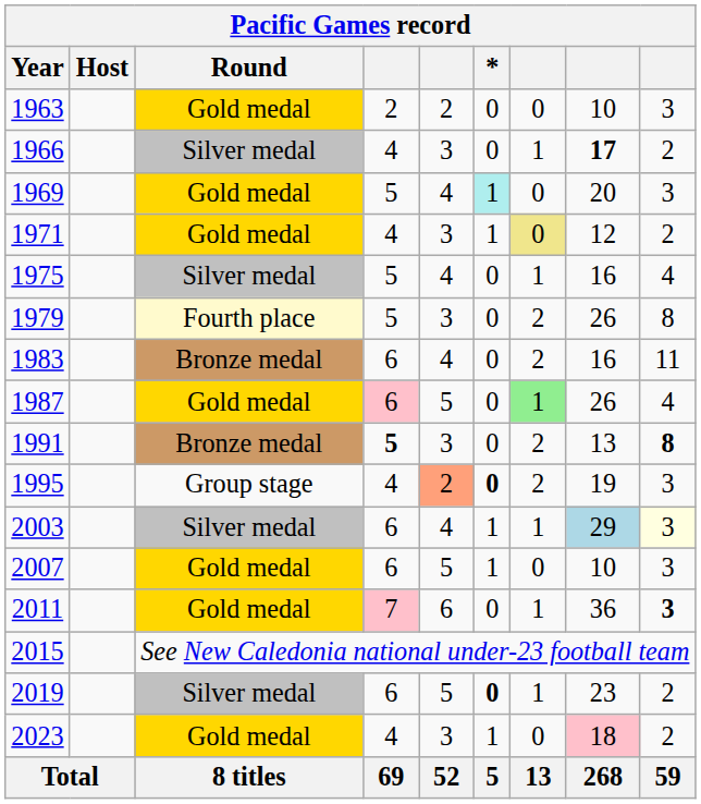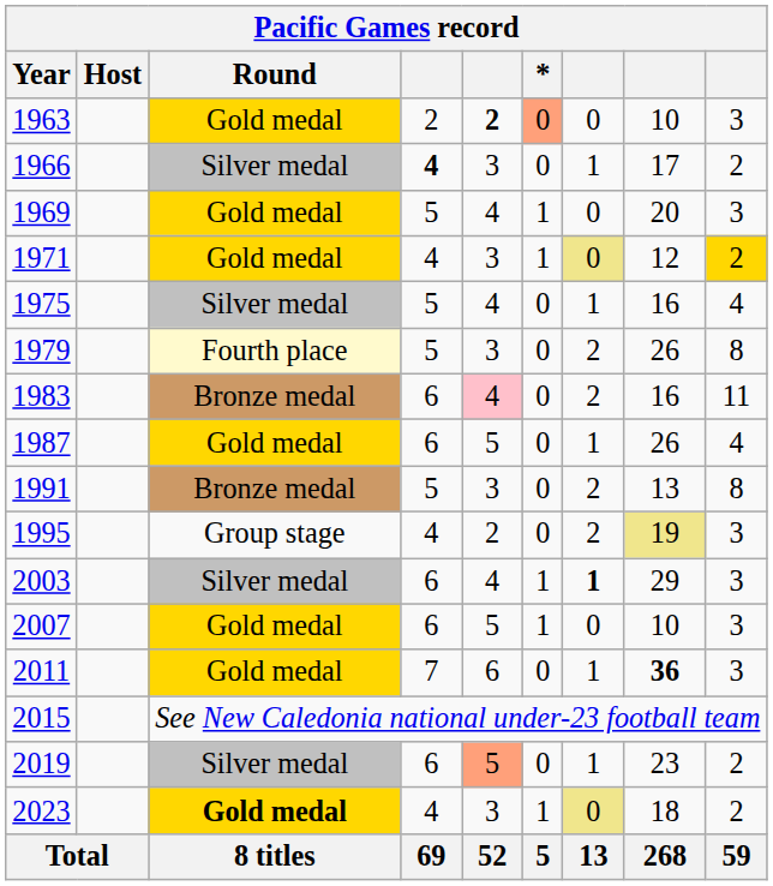 <table class="wikitable" style="text-align: center;font-size:100%;">
 <tr>
 <th colspan=9><a href='#'>Pacific Games</a> record</th>
 </tr>
 <tr>
 <th>Year</th>
 <th>Host</th>
 <th>Round</th>
 <th></th>
 <th></th>
 <th>*</th>
 <th></th>
 <th></th>
 <th></th>
 </tr>
 <tr>
 <td><a href='#'>1963</a></td>
 <td align="left"></td>
 <td style="background:gold;">Gold medal</td>
 <td>2</td>
-<td>2</td>
-<td>0</td>
+<td><strong>2</strong></td>
+<td style="background: lightsalmon;">0</td>
 <td>0</td>
 <td>10</td>
 <td>3</td>
 </tr>
 <tr>
 <td><a href='#'>1966</a></td>
 <td align="left"></td>
 <td style="background:silver;">Silver medal</td>
-<td>4</td>
+<td><strong>4</strong></td>
 <td>3</td>
 <td>0</td>
 <td>1</td>
-<td><strong>17</strong></td>
+<td>17</td>
 <td>2</td>
 </tr>
 <tr>
 <td><a href='#'>1969</a></td>
 <td align="left"></td>
 <td style="background:gold;">Gold medal</td>
 <td>5</td>
 <td>4</td>
-<td style="background: paleturquoise;">1</td>
+<td>1</td>
 <td>0</td>
 <td>20</td>
 <td>3</td>
 </tr>
 <tr>
 <td><a href='#'>1971</a></td>
 <td align="left"></td>
 <td style="background:gold;">Gold medal</td>
 <td>4</td>
 <td>3</td>
 <td>1</td>
 <td style="background: khaki;">0</td>
 <td>12</td>
-<td>2</td>
+<td style="background: gold;">2</td>
 </tr>
 <tr>
 <td><a href='#'>1975</a></td>
 <td align="left"></td>
 <td style="background:silver;">Silver medal</td>
 <td>5</td>
 <td>4</td>
 <td>0</td>
 <td>1</td>
 <td>16</td>
 <td>4</td>
 </tr>
 <tr>
 <td><a href='#'>1979</a></td>
 <td align="left"></td>
 <td style="background:LemonChiffon;">Fourth place</td>
 <td>5</td>
 <td>3</td>
 <td>0</td>
 <td>2</td>
 <td>26</td>
 <td>8</td>
 </tr>
 <tr>
 <td><a href='#'>1983</a></td>
 <td align="left"></td>
 <td style="background:#c96;">Bronze medal</td>
 <td>6</td>
-<td>4</td>
+<td style="background: pink;">4</td>
 <td>0</td>
 <td>2</td>
 <td>16</td>
 <td>11</td>
 </tr>
 <tr>
 <td><a href='#'>1987</a></td>
 <td align="left"></td>
 <td style="background:gold;">Gold medal</td>
-<td style="background: pink;">6</td>
+<td>6</td>
 <td>5</td>
 <td>0</td>
-<td style="background: lightgreen;">1</td>
+<td>1</td>
 <td>26</td>
 <td>4</td>
 </tr>
 <tr>
 <td><a href='#'>1991</a></td>
 <td align="left"></td>
 <td style="background:#c96;">Bronze medal</td>
-<td><strong>5</strong></td>
+<td>5</td>
 <td>3</td>
 <td>0</td>
 <td>2</td>
 <td>13</td>
-<td><strong>8</strong></td>
+<td>8</td>
 </tr>
 <tr>
 <td><a href='#'>1995</a></td>
 <td align="left"></td>
 <td>Group stage</td>
 <td>4</td>
-<td style="background: lightsalmon;">2</td>
-<td><strong>0</strong></td>
 <td>2</td>
-<td>19</td>
+<td>0</td>
+<td>2</td>
+<td style="background: khaki;">19</td>
 <td>3</td>
 </tr>
 <tr>
 <td><a href='#'>2003</a></td>
 <td align="left"></td>
 <td style="background:silver;">Silver medal</td>
 <td>6</td>
 <td>4</td>
 <td>1</td>
-<td>1</td>
-<td style="background: lightblue;">29</td>
-<td style="background: lightyellow;">3</td>
+<td><strong>1</strong></td>
+<td>29</td>
+<td>3</td>
 </tr>
 <tr>
 <td><a href='#'>2007</a></td>
 <td align="left"></td>
 <td style="background:gold;">Gold medal</td>
 <td>6</td>
 <td>5</td>
 <td>1</td>
 <td>0</td>
 <td>10</td>
 <td>3</td>
 </tr>
 <tr>
 <td><a href='#'>2011</a></td>
 <td align="left"></td>
 <td style="background:gold;">Gold medal</td>
-<td style="background: pink;">7</td>
+<td>7</td>
 <td>6</td>
 <td>0</td>
 <td>1</td>
-<td>36</td>
-<td><strong>3</strong></td>
+<td><strong>36</strong></td>
+<td>3</td>
 </tr>
 <tr>
 <td><a href='#'>2015</a></td>
 <td align="left"></td>
 <td colspan=8><em>See <a href='#'>New Caledonia national under-23 football team</a></em></td>
 </tr>
 <tr>
 <td><a href='#'>2019</a></td>
 <td align="left"></td>
 <td style="background:silver;">Silver medal</td>
 <td>6</td>
-<td>5</td>
-<td><strong>0</strong></td>
+<td style="background: lightsalmon;">5</td>
+<td>0</td>
 <td>1</td>
 <td>23</td>
 <td>2</td>
 </tr>
 <tr>
 <td><a href='#'>2023</a></td>
 <td align="left"></td>
-<td style="background:gold;">Gold medal</td>
+<td style="background:gold;"><strong>Gold medal</strong></td>
 <td>4</td>
 <td>3</td>
 <td>1</td>
-<td>0</td>
-<td style="background: pink;">18</td>
+<td style="background: khaki;">0</td>
+<td>18</td>
 <td>2</td>
 </tr>
 <tr>
 <th colspan="2">Total</th>
 <th>8 titles</th>
 <th>69</th>
 <th>52</th>
 <th>5</th>
 <th>13</th>
 <th>268</th>
 <th>59</th>
 </tr>
 </table>
